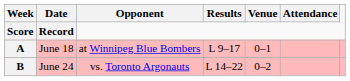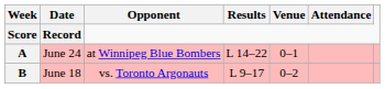 <table class="wikitable" style="text-align:center">
 <tr>
 <th>Week</th>
 <th>Date</th>
 <th>Opponent</th>
 <th>Results</th>
 <th>Venue</th>
 <th>Attendance</th>
 </tr>
 <tr>
 <th>Score</th>
 <th>Record</th>
 </tr>
 <tr style="background:#ffbbbb">
 <th>A</th>
-<td>June 18</td>
+<td>June 24</td>
 <td>at <a href='#'>Winnipeg Blue Bombers</a></td>
-<td>L 9–17</td>
+<td>L 14–22</td>
 <td>0–1</td>
 <td></td>
 <td></td>
 </tr>
 <tr style="background:#ffbbbb">
 <th>B</th>
-<td>June 24</td>
+<td>June 18</td>
 <td>vs. <a href='#'>Toronto Argonauts</a></td>
-<td>L 14–22</td>
+<td>L 9–17</td>
 <td>0–2</td>
 <td></td>
 <td></td>
 </tr>
 </table>
